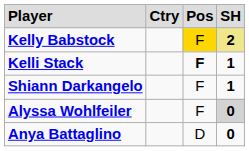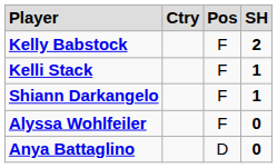 <table class="wikitable">
 <tr align="center" style="font-weight:bold; background-color:#dddddd;" |>
 <td align="left">Player</td>
 <td>Ctry</td>
 <td>Pos</td>
 <td>SH</td>
 </tr>
 <tr align="center">
 <td align="left"><strong><a href='#'>Kelly Babstock</a></strong></td>
 <td></td>
-<td style="background: gold;">F</td>
-<td style="background: khaki;"><strong>2</strong></td>
+<td>F</td>
+<td><strong>2</strong></td>
 </tr>
 <tr align="center">
 <td align="left"><strong><a href='#'>Kelli Stack</a></strong></td>
 <td></td>
-<td><strong>F</strong></td>
+<td>F</td>
 <td><strong>1</strong></td>
 </tr>
 <tr align="center">
 <td align="left"><strong><a href='#'>Shiann Darkangelo</a></strong></td>
 <td></td>
 <td>F</td>
 <td><strong>1</strong></td>
 </tr>
 <tr align="center">
 <td align="left"><strong><a href='#'>Alyssa Wohlfeiler</a></strong></td>
 <td></td>
 <td>F</td>
-<td style="background: lightgrey;"><strong>0</strong></td>
+<td><strong>0</strong></td>
 </tr>
 <tr align="center">
 <td align="left"><strong><a href='#'>Anya Battaglino</a></strong></td>
 <td></td>
 <td>D</td>
 <td><strong>0</strong></td>
 </tr>
 </table>
